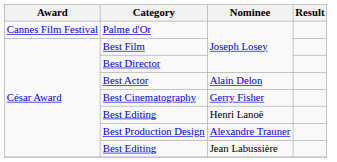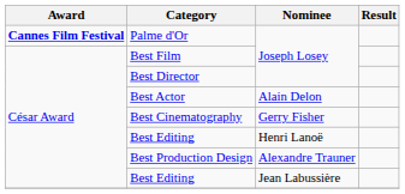 <table class="wikitable">
 <tr>
 <th>Award</th>
 <th>Category</th>
 <th>Nominee</th>
 <th>Result</th>
 </tr>
 <tr>
-<td><a href='#'>Cannes Film Festival</a></td>
+<td><strong><a href='#'>Cannes Film Festival</a></strong></td>
 <td><a href='#'>Palme d'Or</a></td>
 <td rowspan="3"><a href='#'>Joseph Losey</a></td>
 <td></td>
 </tr>
 <tr>
 <td rowspan="7"><a href='#'>César Award</a></td>
 <td><a href='#'>Best Film</a></td>
 <td></td>
 </tr>
 <tr>
 <td><a href='#'>Best Director</a></td>
 <td></td>
 </tr>
 <tr>
 <td><a href='#'>Best Actor</a></td>
 <td><a href='#'>Alain Delon</a></td>
 <td></td>
 </tr>
 <tr>
 <td><a href='#'>Best Cinematography</a></td>
 <td><a href='#'>Gerry Fisher</a></td>
 <td></td>
 </tr>
 <tr>
 <td><a href='#'>Best Editing</a></td>
 <td>Henri Lanoë</td>
 <td></td>
 </tr>
 <tr>
 <td><a href='#'>Best Production Design</a></td>
 <td><a href='#'>Alexandre Trauner</a></td>
 <td></td>
 </tr>
 <tr>
 <td><a href='#'>Best Editing</a></td>
 <td>Jean Labussière</td>
 <td></td>
 </tr>
 <tr>
 </tr>
 </table>
